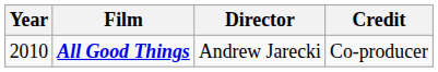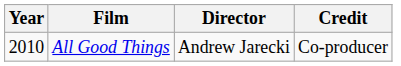 <table class="wikitable">
 <tr>
 <th>Year</th>
 <th>Film</th>
 <th>Director</th>
 <th>Credit</th>
 </tr>
 <tr>
 <td>2010</td>
-<td><strong><em><a href='#'>All Good Things</a></em></strong></td>
+<td><em><a href='#'>All Good Things</a></em></td>
 <td>Andrew Jarecki</td>
 <td>Co-producer</td>
 </tr>
 </table>
